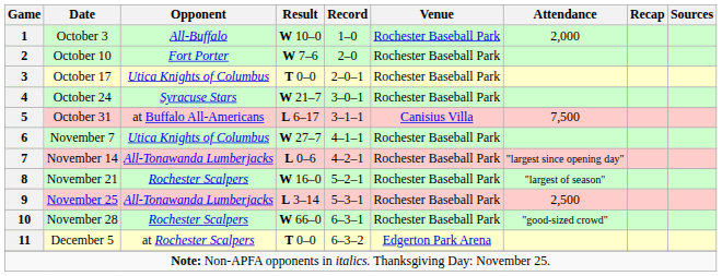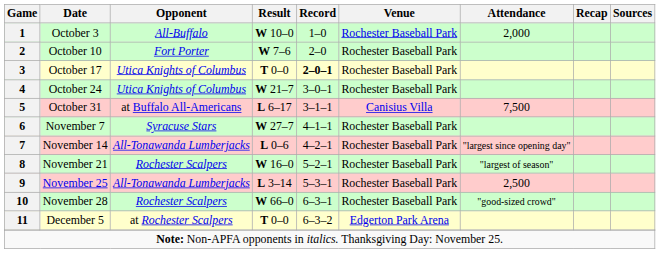 <table class="wikitable" style="text-align:center">
 <tr>
 <th>Game</th>
 <th>Date</th>
 <th>Opponent</th>
 <th>Result</th>
 <th>Record</th>
 <th>Venue</th>
 <th>Attendance</th>
 <th>Recap</th>
 <th>Sources</th>
 </tr>
 <tr style="background:#cfc">
 <th>1</th>
 <td>October 3</td>
 <td><em><a href='#'>All-Buffalo</a></em></td>
 <td><strong>W</strong> 10–0</td>
 <td>1–0</td>
 <td><a href='#'>Rochester Baseball Park</a></td>
 <td>2,000</td>
 <td></td>
 <td></td>
 </tr>
 <tr style="background:#cfc">
 <th>2</th>
 <td>October 10</td>
 <td><em><a href='#'>Fort Porter</a></em></td>
 <td><strong>W</strong> 7–6</td>
 <td>2–0</td>
 <td>Rochester Baseball Park</td>
 <td></td>
 <td></td>
 <td></td>
 </tr>
 <tr style="background:#ffc">
 <th>3</th>
 <td>October 17</td>
 <td><em><a href='#'>Utica Knights of Columbus</a></em></td>
 <td><strong>T</strong> 0–0</td>
-<td>2–0–1</td>
+<td><strong>2–0–1</strong></td>
 <td>Rochester Baseball Park</td>
 <td></td>
 <td></td>
 <td></td>
 </tr>
 <tr style="background:#cfc">
 <th>4</th>
 <td>October 24</td>
-<td><em><a href='#'>Syracuse Stars</a></em></td>
+<td><em><a href='#'>Utica Knights of Columbus</a></em></td>
 <td><strong>W</strong> 21–7</td>
 <td>3–0–1</td>
 <td>Rochester Baseball Park</td>
 <td></td>
 <td></td>
 <td></td>
 </tr>
 <tr style="background:#fcc">
 <th>5</th>
 <td>October 31</td>
 <td>at <a href='#'>Buffalo All-Americans</a></td>
 <td><strong>L</strong> 6–17</td>
 <td>3–1–1</td>
 <td><a href='#'>Canisius Villa</a></td>
 <td>7,500</td>
 <td></td>
 <td></td>
 </tr>
 <tr style="background:#cfc">
 <th>6</th>
 <td>November 7</td>
-<td><em><a href='#'>Utica Knights of Columbus</a></em></td>
+<td><em><a href='#'>Syracuse Stars</a></em></td>
 <td><strong>W</strong> 27–7</td>
 <td>4–1–1</td>
 <td>Rochester Baseball Park</td>
 <td></td>
 <td></td>
 <td></td>
 </tr>
 <tr style="background:#fcc">
 <th>7</th>
 <td>November 14</td>
 <td><em><a href='#'>All-Tonawanda Lumberjacks</a></em></td>
 <td><strong>L</strong> 0–6</td>
 <td>4–2–1</td>
 <td>Rochester Baseball Park</td>
 <td><small>"largest since opening day"</small></td>
 <td></td>
 <td></td>
 </tr>
 <tr style="background:#cfc">
 <th>8</th>
 <td>November 21</td>
 <td><em><a href='#'>Rochester Scalpers</a></em></td>
 <td><strong>W</strong> 16–0</td>
 <td>5–2–1</td>
 <td>Rochester Baseball Park</td>
 <td><small>"largest of season"</small></td>
 <td></td>
 <td></td>
 </tr>
 <tr style="background:#fcc">
 <th>9</th>
 <td><a href='#'>November 25</a></td>
 <td><em><a href='#'>All-Tonawanda Lumberjacks</a></em></td>
 <td><strong>L</strong> 3–14</td>
 <td>5–3–1</td>
 <td>Rochester Baseball Park</td>
 <td>2,500</td>
 <td></td>
 <td></td>
 </tr>
 <tr style="background:#cfc">
 <th>10</th>
 <td>November 28</td>
 <td><em><a href='#'>Rochester Scalpers</a></em></td>
 <td><strong>W</strong> 66–0</td>
 <td>6–3–1</td>
 <td>Rochester Baseball Park</td>
 <td><small>"good-sized crowd"</small></td>
 <td></td>
 <td></td>
 </tr>
 <tr style="background:#ffc">
 <th>11</th>
 <td>December 5</td>
 <td>at <em><a href='#'>Rochester Scalpers</a></em></td>
 <td><strong>T</strong> 0–0</td>
 <td>6–3–2</td>
 <td><a href='#'>Edgerton Park Arena</a></td>
 <td></td>
 <td></td>
 <td></td>
 </tr>
 <tr style="background:#ffc">
 </tr>
 <tr>
 <td colspan="10"><strong>Note:</strong> Non-APFA opponents in <em>italics.</em> Thanksgiving Day: November 25.</td>
 </tr>
 </table>
